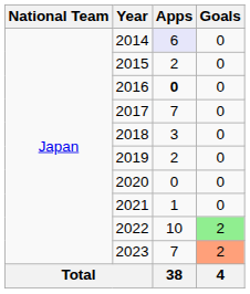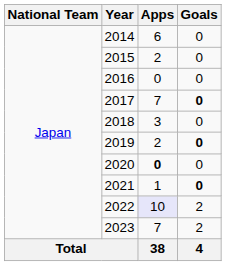 <table class="wikitable" style="text-align:center">
 <tr>
 <th>National Team</th>
 <th>Year</th>
 <th>Apps</th>
 <th>Goals</th>
 </tr>
 <tr>
 <td rowspan="10"><a href='#'>Japan</a></td>
 <td>2014</td>
-<td style="background: lavender;">6</td>
+<td>6</td>
 <td>0</td>
 </tr>
 <tr>
 <td>2015</td>
 <td>2</td>
 <td>0</td>
 </tr>
 <tr>
 <td>2016</td>
-<td><strong>0</strong></td>
+<td>0</td>
 <td>0</td>
 </tr>
 <tr>
 <td>2017</td>
 <td>7</td>
-<td>0</td>
+<td><strong>0</strong></td>
 </tr>
 <tr>
 <td>2018</td>
 <td>3</td>
 <td>0</td>
 </tr>
 <tr>
 <td>2019</td>
 <td>2</td>
-<td>0</td>
+<td><strong>0</strong></td>
 </tr>
 <tr>
 <td>2020</td>
-<td>0</td>
+<td><strong>0</strong></td>
 <td>0</td>
 </tr>
 <tr>
 <td>2021</td>
 <td>1</td>
-<td>0</td>
+<td><strong>0</strong></td>
 </tr>
 <tr>
 <td>2022</td>
-<td>10</td>
-<td style="background: lightgreen;">2</td>
+<td style="background: lavender;">10</td>
+<td>2</td>
 </tr>
 <tr>
 <td>2023</td>
 <td>7</td>
-<td style="background: lightsalmon;">2</td>
+<td>2</td>
 </tr>
 <tr>
 <th colspan="2">Total</th>
 <th>38</th>
 <th>4</th>
 </tr>
 </table>
